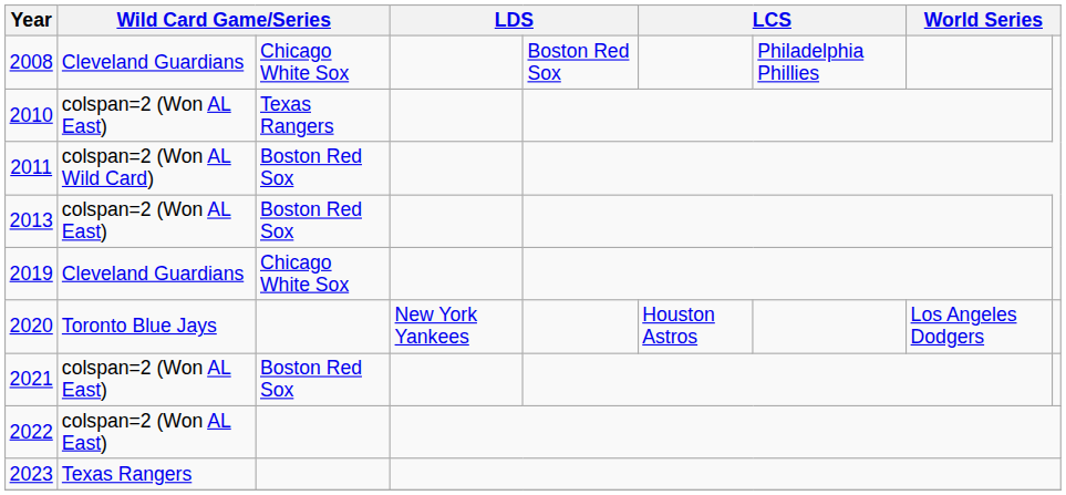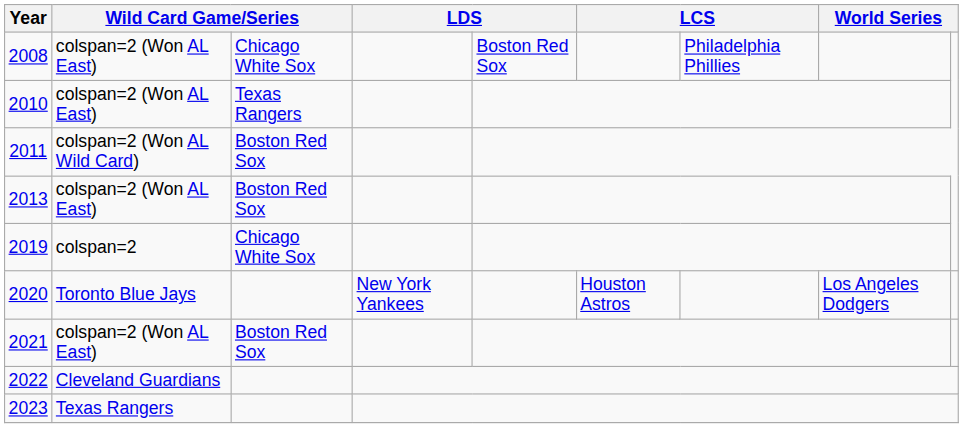 <table class="wikitable">
 <tr>
 <th>Year</th>
 <th colspan=2><a href='#'><span>Wild Card Game/Series</span></a></th>
 <th colspan=2><a href='#'><span>LDS</span></a></th>
 <th colspan=2><a href='#'><span>LCS</span></a></th>
 <th colspan=2><a href='#'><span>World Series</span></a></th>
 </tr>
 <tr>
 <td align=center><a href='#'>2008</a></td>
-<td><a href='#'>Cleveland Guardians</a></td>
+<td>colspan=2  (Won <a href='#'>AL East</a>)</td>
 <td><a href='#'>Chicago White Sox</a></td>
 <td></td>
 <td><a href='#'>Boston Red Sox</a></td>
 <td></td>
 <td><a href='#'>Philadelphia Phillies</a></td>
 <td></td>
 </tr>
 <tr>
 <td align=center><a href='#'>2010</a></td>
 <td>colspan=2  (Won <a href='#'>AL East</a>)</td>
 <td><a href='#'>Texas Rangers</a></td>
 <td></td>
 <td colspan=4></td>
 </tr>
 <tr>
 <td align=center><a href='#'>2011</a></td>
 <td>colspan=2  (Won <a href='#'>AL Wild Card</a>)</td>
 <td><a href='#'>Boston Red Sox</a></td>
 <td></td>
 </tr>
 <tr>
 <td align=center><a href='#'>2013</a></td>
 <td>colspan=2  (Won <a href='#'>AL East</a>)</td>
 <td><a href='#'>Boston Red Sox</a></td>
 <td></td>
 <td colspan=4></td>
 </tr>
 <tr>
 <td align=center><a href='#'>2019</a></td>
-<td><a href='#'>Cleveland Guardians</a></td>
+<td>colspan=2 </td>
 <td><a href='#'>Chicago White Sox</a></td>
 <td></td>
 <td colspan=4></td>
 </tr>
 <tr>
 <td align=center><a href='#'>2020</a></td>
 <td><a href='#'>Toronto Blue Jays</a></td>
 <td></td>
 <td><a href='#'>New York Yankees</a></td>
 <td></td>
 <td><a href='#'>Houston Astros</a></td>
 <td></td>
 <td><a href='#'>Los Angeles Dodgers</a></td>
 <td></td>
 </tr>
 <tr>
 <td align=center><a href='#'>2021</a></td>
 <td>colspan=2  (Won <a href='#'>AL East</a>)</td>
 <td><a href='#'>Boston Red Sox</a></td>
 <td></td>
 <td colspan=4></td>
 </tr>
 <tr>
 <td align=center><a href='#'>2022</a></td>
-<td>colspan=2  (Won <a href='#'>AL East</a>)</td>
+<td><a href='#'>Cleveland Guardians</a></td>
 <td></td>
 <td colspan=6></td>
 </tr>
 <tr>
 <td align=center><a href='#'>2023</a></td>
 <td><a href='#'>Texas Rangers</a></td>
 <td></td>
 <td colspan=6></td>
 </tr>
 <tr>
 </tr>
 </table>
